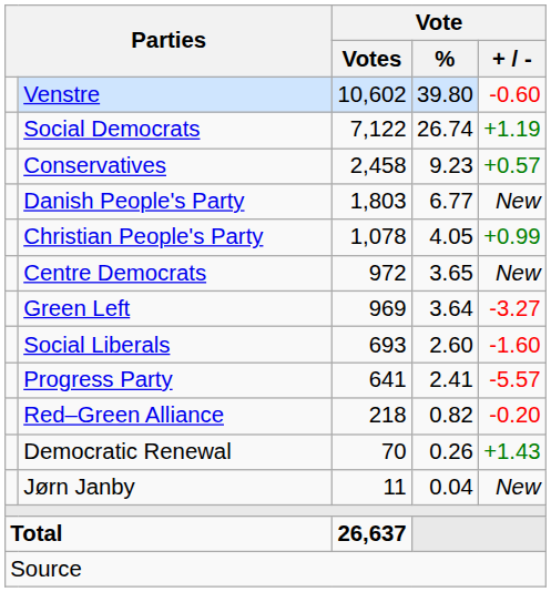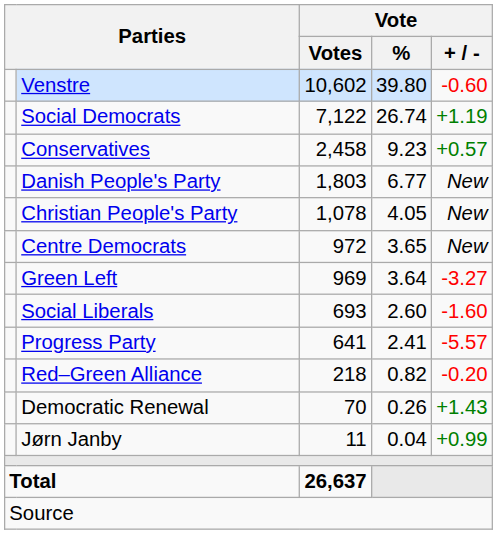 <table class="wikitable" style="text-align:right;">
 <tr>
 <th style="text-align:centre;" rowspan="2" colspan="2" width="225">Parties</th>
 <th colspan="3">Vote</th>
 </tr>
 <tr>
 <th width="15">Votes</th>
 <th width="15">%</th>
 <th width="15">+ / -</th>
 </tr>
 <tr>
 <td width="2" style="color:inherit;background:"></td>
 <td bgcolor=#cfe5fe  align="left"><a href='#'>Venstre</a></td>
 <td bgcolor=#cfe5fe>10,602</td>
 <td bgcolor=#cfe5fe>39.80</td>
 <td style=color:red;>-0.60</td>
 </tr>
 <tr>
 <td width="2" style="color:inherit;background:"></td>
 <td align="left"><a href='#'>Social Democrats</a></td>
 <td>7,122</td>
 <td>26.74</td>
 <td style=color:green;>+1.19</td>
 </tr>
 <tr>
 <td width="2" style="color:inherit;background:"></td>
 <td align="left"><a href='#'>Conservatives</a></td>
 <td>2,458</td>
 <td>9.23</td>
 <td style=color:green;>+0.57</td>
 </tr>
 <tr>
 <td width="2" style="color:inherit;background:"></td>
 <td align="left"><a href='#'>Danish People's Party</a></td>
 <td>1,803</td>
 <td>6.77</td>
 <td><em>New</em></td>
 </tr>
 <tr>
 <td width="2" style="color:inherit;background:"></td>
 <td align="left"><a href='#'>Christian People's Party</a></td>
 <td>1,078</td>
 <td>4.05</td>
-<td style=color:green;>+0.99</td>
+<td><em>New</em></td>
 </tr>
 <tr>
 <td width="2" style="color:inherit;background:"></td>
 <td align="left"><a href='#'>Centre Democrats</a></td>
 <td>972</td>
 <td>3.65</td>
 <td><em>New</em></td>
 </tr>
 <tr>
 <td width="2" style="color:inherit;background:"></td>
 <td align="left"><a href='#'>Green Left</a></td>
 <td>969</td>
 <td>3.64</td>
 <td style=color:red;>-3.27</td>
 </tr>
 <tr>
 <td width="2" style="color:inherit;background:"></td>
 <td align="left"><a href='#'>Social Liberals</a></td>
 <td>693</td>
 <td>2.60</td>
 <td style=color:red;>-1.60</td>
 </tr>
 <tr>
 <td width="2" style="color:inherit;background:"></td>
 <td align="left"><a href='#'>Progress Party</a></td>
 <td>641</td>
 <td>2.41</td>
 <td style=color:red;>-5.57</td>
 </tr>
 <tr>
 <td width="2" style="color:inherit;background:"></td>
 <td align="left"><a href='#'>Red–Green Alliance</a></td>
 <td>218</td>
 <td>0.82</td>
 <td style=color:red;>-0.20</td>
 </tr>
 <tr>
 <td width="2" style="color:inherit;background:"></td>
 <td align="left">Democratic Renewal</td>
 <td>70</td>
 <td>0.26</td>
 <td style=color:green;>+1.43</td>
 </tr>
 <tr>
 <td width="2" style="color:inherit;background:"></td>
 <td align="left">Jørn Janby</td>
 <td>11</td>
 <td>0.04</td>
-<td><em>New</em></td>
+<td style=color:green;>+0.99</td>
 </tr>
 <tr>
 <td colspan="7" bgcolor="#E9E9E9"></td>
 </tr>
 <tr>
 <td align="left" colspan="2"><strong>Total</strong></td>
 <td><strong>26,637</strong></td>
 <td bgcolor="#E9E9E9" colspan="2"></td>
 </tr>
 <tr>
 <td align="left" colspan="6">Source</td>
 </tr>
 </table>
